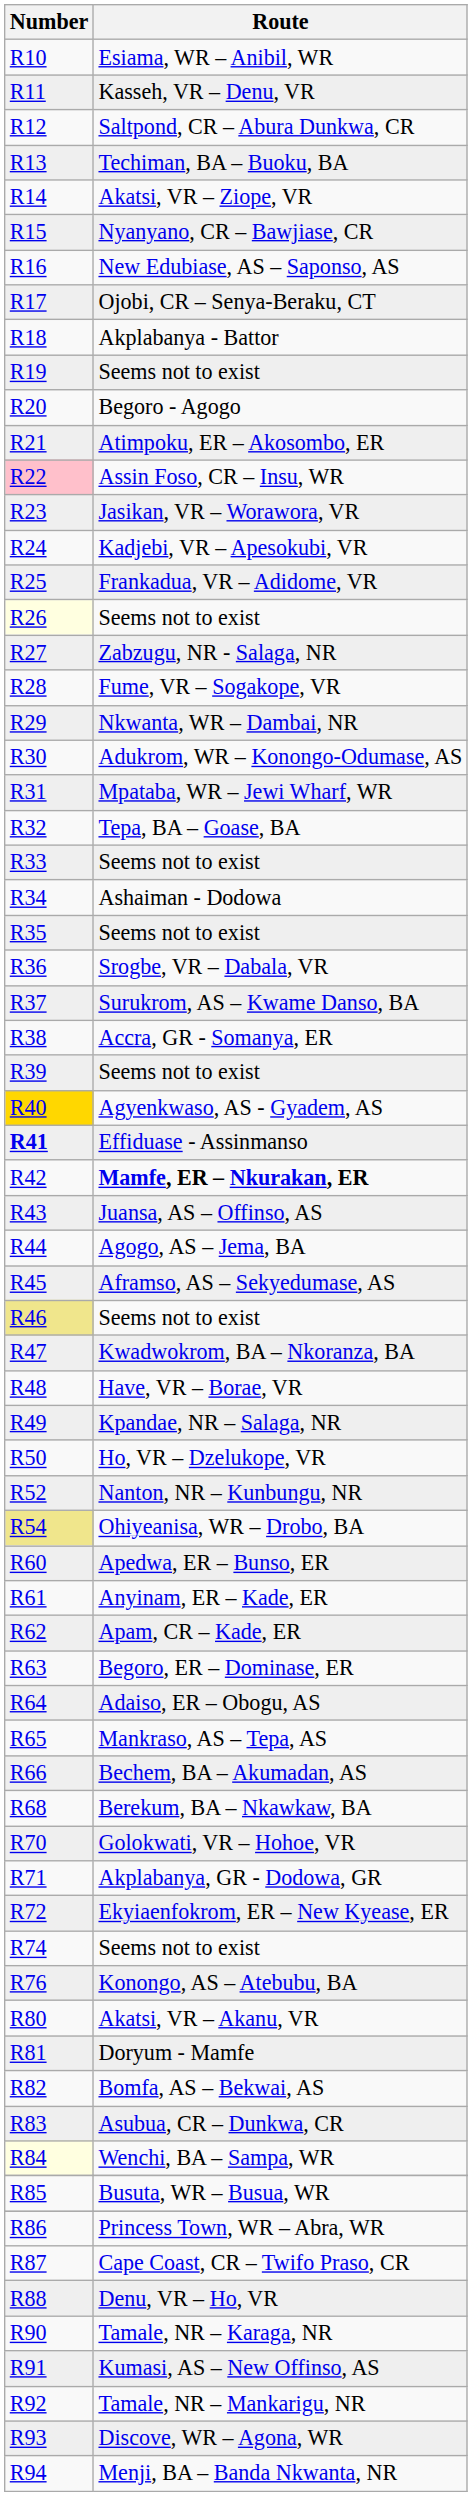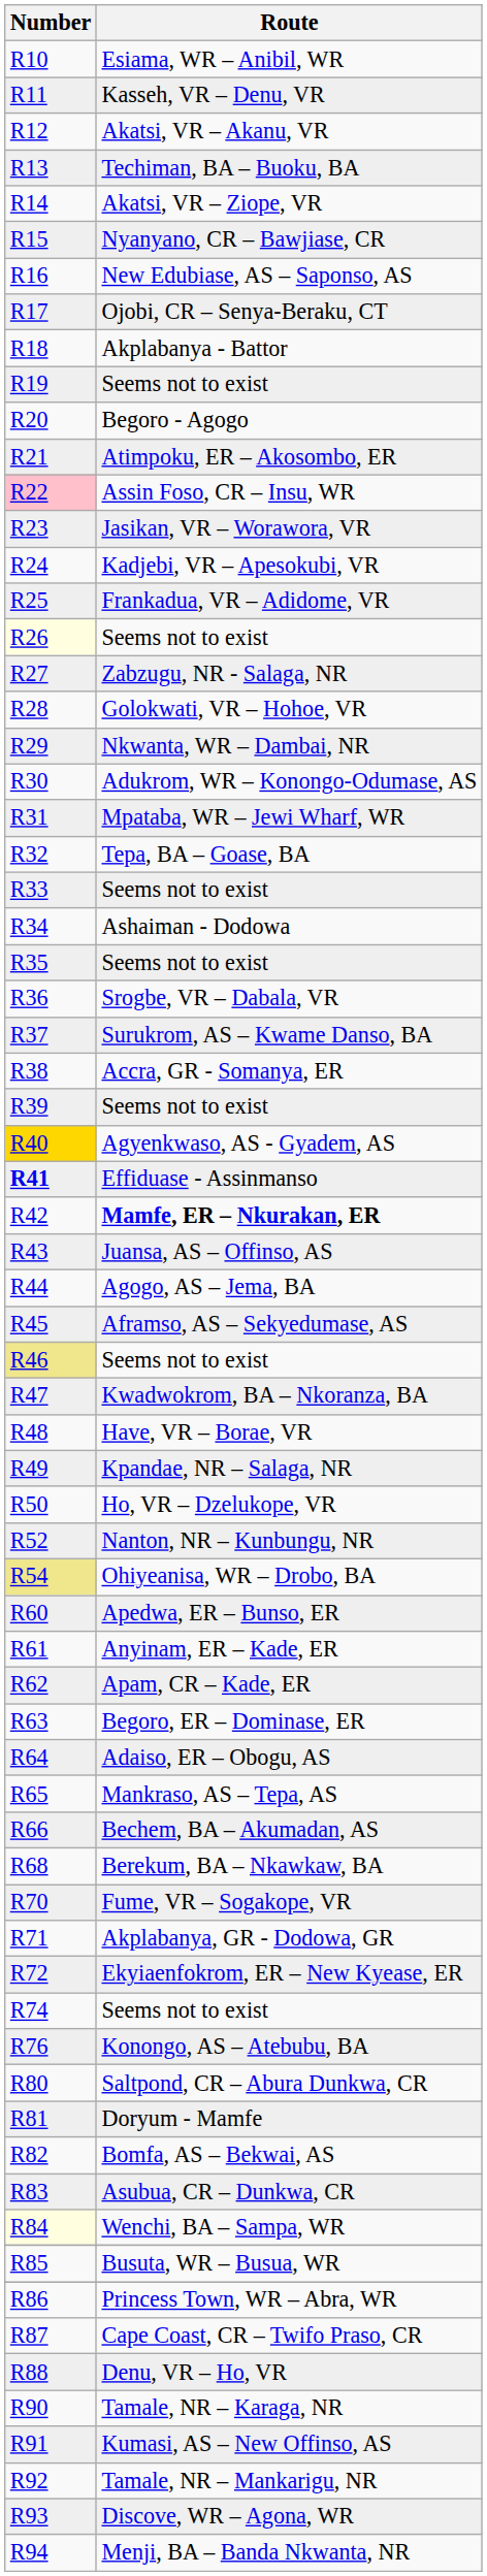 <table class="wikitable">
 <tr>
 <th>Number</th>
 <th>Route</th>
 </tr>
 <tr>
 <td><a href='#'>R10</a></td>
 <td><a href='#'>Esiama</a>, WR – <a href='#'>Anibil</a>, WR</td>
 </tr>
 <tr style="background:#EFEFEF">
 <td><a href='#'>R11</a></td>
 <td>Kasseh, VR – <a href='#'>Denu</a>, VR</td>
 </tr>
 <tr>
 <td><a href='#'>R12</a></td>
-<td><a href='#'>Saltpond</a>, CR – <a href='#'>Abura Dunkwa</a>, CR</td>
+<td><a href='#'>Akatsi</a>, VR – <a href='#'>Akanu</a>, VR</td>
 </tr>
 <tr style="background:#EFEFEF">
 <td><a href='#'>R13</a></td>
 <td><a href='#'>Techiman</a>, BA – <a href='#'>Buoku</a>, BA</td>
 </tr>
 <tr>
 <td><a href='#'>R14</a></td>
 <td><a href='#'>Akatsi</a>, VR – <a href='#'>Ziope</a>, VR</td>
 </tr>
 <tr style="background:#EFEFEF">
 <td><a href='#'>R15</a></td>
 <td><a href='#'>Nyanyano</a>, CR – <a href='#'>Bawjiase</a>, CR</td>
 </tr>
 <tr>
 <td><a href='#'>R16</a></td>
 <td><a href='#'>New Edubiase</a>, AS – <a href='#'>Saponso</a>, AS</td>
 </tr>
 <tr style="background:#EFEFEF">
 <td><a href='#'>R17</a></td>
 <td>Ojobi, CR – Senya-Beraku, CT</td>
 </tr>
 <tr>
 <td><a href='#'>R18</a></td>
 <td>Akplabanya - Battor</td>
 </tr>
 <tr style="background:#EFEFEF">
 <td><a href='#'>R19</a></td>
 <td>Seems not to exist</td>
 </tr>
 <tr>
 <td><a href='#'>R20</a></td>
 <td>Begoro - Agogo</td>
 </tr>
 <tr style="background:#EFEFEF">
 <td><a href='#'>R21</a></td>
 <td><a href='#'>Atimpoku</a>, ER – <a href='#'>Akosombo</a>, ER</td>
 </tr>
 <tr>
 <td style="background: pink;"><a href='#'>R22</a></td>
 <td><a href='#'>Assin Foso</a>, CR – <a href='#'>Insu</a>, WR</td>
 </tr>
 <tr style="background:#EFEFEF">
 <td><a href='#'>R23</a></td>
 <td><a href='#'>Jasikan</a>, VR – <a href='#'>Worawora</a>, VR</td>
 </tr>
 <tr>
 <td><a href='#'>R24</a></td>
 <td><a href='#'>Kadjebi</a>, VR – <a href='#'>Apesokubi</a>, VR</td>
 </tr>
 <tr style="background:#EFEFEF">
 <td><a href='#'>R25</a></td>
 <td><a href='#'>Frankadua</a>, VR – <a href='#'>Adidome</a>, VR</td>
 </tr>
 <tr>
 <td style="background: lightyellow;"><a href='#'>R26</a></td>
 <td>Seems not to exist</td>
 </tr>
 <tr style="background:#EFEFEF">
 <td><a href='#'>R27</a></td>
 <td><a href='#'>Zabzugu</a>, NR  - <a href='#'>Salaga</a>, NR</td>
 </tr>
 <tr>
 <td><a href='#'>R28</a></td>
-<td><a href='#'>Fume</a>, VR – <a href='#'>Sogakope</a>, VR</td>
+<td><a href='#'>Golokwati</a>, VR – <a href='#'>Hohoe</a>, VR</td>
 </tr>
 <tr style="background:#EFEFEF">
 <td><a href='#'>R29</a></td>
 <td><a href='#'>Nkwanta</a>, WR – <a href='#'>Dambai</a>, NR</td>
 </tr>
 <tr>
 <td><a href='#'>R30</a></td>
 <td><a href='#'>Adukrom</a>, WR – <a href='#'>Konongo-Odumase</a>, AS</td>
 </tr>
 <tr style="background:#EFEFEF">
 <td><a href='#'>R31</a></td>
 <td><a href='#'>Mpataba</a>, WR – <a href='#'>Jewi Wharf</a>, WR</td>
 </tr>
 <tr>
 <td><a href='#'>R32</a></td>
 <td><a href='#'>Tepa</a>, BA – <a href='#'>Goase</a>, BA</td>
 </tr>
 <tr style="background:#EFEFEF">
 <td><a href='#'>R33</a></td>
 <td>Seems not to exist</td>
 </tr>
 <tr>
 <td><a href='#'>R34</a></td>
 <td>Ashaiman - Dodowa</td>
 </tr>
 <tr style="background:#EFEFEF">
 <td><a href='#'>R35</a></td>
 <td>Seems not to exist</td>
 </tr>
 <tr>
 <td><a href='#'>R36</a></td>
 <td><a href='#'>Srogbe</a>, VR – <a href='#'>Dabala</a>, VR</td>
 </tr>
 <tr style="background:#EFEFEF">
 <td><a href='#'>R37</a></td>
 <td><a href='#'>Surukrom</a>, AS – <a href='#'>Kwame Danso</a>, BA</td>
 </tr>
 <tr>
 <td><a href='#'>R38</a></td>
 <td><a href='#'>Accra</a>, GR - <a href='#'>Somanya</a>, ER</td>
 </tr>
 <tr style="background:#EFEFEF">
 <td><a href='#'>R39</a></td>
 <td>Seems not to exist</td>
 </tr>
 <tr>
 <td style="background: gold;"><a href='#'>R40</a></td>
 <td><a href='#'>Agyenkwaso</a>, AS  - <a href='#'>Gyadem</a>, AS</td>
 </tr>
 <tr style="background:#EFEFEF">
 <td><strong><a href='#'>R41</a></strong></td>
 <td><a href='#'>Effiduase</a> - Assinmanso</td>
 </tr>
 <tr>
 <td><a href='#'>R42</a></td>
 <td><strong><a href='#'>Mamfe</a>, ER – <a href='#'>Nkurakan</a>, ER</strong></td>
 </tr>
 <tr style="background:#EFEFEF">
 <td><a href='#'>R43</a></td>
 <td><a href='#'>Juansa</a>, AS – <a href='#'>Offinso</a>, AS</td>
 </tr>
 <tr>
 <td><a href='#'>R44</a></td>
 <td><a href='#'>Agogo</a>, AS – <a href='#'>Jema</a>, BA</td>
 </tr>
 <tr style="background:#EFEFEF">
 <td><a href='#'>R45</a></td>
 <td><a href='#'>Aframso</a>, AS – <a href='#'>Sekyedumase</a>, AS</td>
 </tr>
 <tr>
 <td style="background: khaki;"><a href='#'>R46</a></td>
 <td>Seems not to exist</td>
 </tr>
 <tr style="background:#EFEFEF">
 <td><a href='#'>R47</a></td>
 <td><a href='#'>Kwadwokrom</a>, BA – <a href='#'>Nkoranza</a>, BA</td>
 </tr>
 <tr>
 <td><a href='#'>R48</a></td>
 <td><a href='#'>Have</a>, VR – <a href='#'>Borae</a>, VR</td>
 </tr>
 <tr style="background:#EFEFEF">
 <td><a href='#'>R49</a></td>
 <td><a href='#'>Kpandae</a>, NR – <a href='#'>Salaga</a>, NR</td>
 </tr>
 <tr>
 <td><a href='#'>R50</a></td>
 <td><a href='#'>Ho</a>, VR – <a href='#'>Dzelukope</a>, VR</td>
 </tr>
 <tr style="background:#EFEFEF">
 <td><a href='#'>R52</a></td>
 <td><a href='#'>Nanton</a>, NR – <a href='#'>Kunbungu</a>, NR</td>
 </tr>
 <tr>
 <td style="background: khaki;"><a href='#'>R54</a></td>
 <td><a href='#'>Ohiyeanisa</a>, WR – <a href='#'>Drobo</a>, BA</td>
 </tr>
 <tr style="background:#EFEFEF">
 <td><a href='#'>R60</a></td>
 <td><a href='#'>Apedwa</a>, ER – <a href='#'>Bunso</a>, ER</td>
 </tr>
 <tr>
 <td><a href='#'>R61</a></td>
 <td><a href='#'>Anyinam</a>, ER – <a href='#'>Kade</a>, ER</td>
 </tr>
 <tr style="background:#EFEFEF">
 <td><a href='#'>R62</a></td>
 <td><a href='#'>Apam</a>, CR – <a href='#'>Kade</a>, ER</td>
 </tr>
 <tr>
 <td><a href='#'>R63</a></td>
 <td><a href='#'>Begoro</a>, ER – <a href='#'>Dominase</a>, ER</td>
 </tr>
 <tr style="background:#EFEFEF">
 <td><a href='#'>R64</a></td>
 <td><a href='#'>Adaiso</a>, ER – Obogu, AS</td>
 </tr>
 <tr>
 <td><a href='#'>R65</a></td>
 <td><a href='#'>Mankraso</a>, AS – <a href='#'>Tepa</a>, AS</td>
 </tr>
 <tr style="background:#EFEFEF">
 <td><a href='#'>R66</a></td>
 <td><a href='#'>Bechem</a>, BA – <a href='#'>Akumadan</a>, AS</td>
 </tr>
 <tr>
 <td><a href='#'>R68</a></td>
 <td><a href='#'>Berekum</a>, BA – <a href='#'>Nkawkaw</a>, BA</td>
 </tr>
 <tr style="background:#EFEFEF">
 <td><a href='#'>R70</a></td>
-<td><a href='#'>Golokwati</a>, VR – <a href='#'>Hohoe</a>, VR</td>
+<td><a href='#'>Fume</a>, VR – <a href='#'>Sogakope</a>, VR</td>
 </tr>
 <tr>
 <td><a href='#'>R71</a></td>
 <td><a href='#'>Akplabanya</a>, GR - <a href='#'>Dodowa</a>, GR</td>
 </tr>
 <tr style="background:#EFEFEF">
 <td><a href='#'>R72</a></td>
 <td><a href='#'>Ekyiaenfokrom</a>, ER – <a href='#'>New Kyease</a>, ER</td>
 </tr>
 <tr>
 <td><a href='#'>R74</a></td>
 <td>Seems not to exist</td>
 </tr>
 <tr style="background:#EFEFEF">
 <td><a href='#'>R76</a></td>
 <td><a href='#'>Konongo</a>, AS – <a href='#'>Atebubu</a>, BA</td>
 </tr>
 <tr>
 <td><a href='#'>R80</a></td>
-<td><a href='#'>Akatsi</a>, VR – <a href='#'>Akanu</a>, VR</td>
+<td><a href='#'>Saltpond</a>, CR – <a href='#'>Abura Dunkwa</a>, CR</td>
 </tr>
 <tr style="background:#EFEFEF">
 <td><a href='#'>R81</a></td>
 <td>Doryum - Mamfe</td>
 </tr>
 <tr>
 <td><a href='#'>R82</a></td>
 <td><a href='#'>Bomfa</a>, AS – <a href='#'>Bekwai</a>, AS</td>
 </tr>
 <tr style="background:#EFEFEF">
 <td><a href='#'>R83</a></td>
 <td><a href='#'>Asubua</a>, CR – <a href='#'>Dunkwa</a>, CR</td>
 </tr>
 <tr>
 <td style="background: lightyellow;"><a href='#'>R84</a></td>
 <td><a href='#'>Wenchi</a>, BA – <a href='#'>Sampa</a>, WR</td>
 </tr>
 <tr style="background:#EFEFEF">
 </tr>
 <tr>
 <td><a href='#'>R85</a></td>
 <td><a href='#'>Busuta</a>, WR – <a href='#'>Busua</a>, WR</td>
 </tr>
 <tr style="background:#EFEFEF">
 </tr>
 <tr>
 <td><a href='#'>R86</a></td>
 <td><a href='#'>Princess Town</a>, WR – Abra, WR</td>
 </tr>
 <tr>
 <td><a href='#'>R87</a></td>
 <td><a href='#'>Cape Coast</a>, CR – <a href='#'>Twifo Praso</a>, CR</td>
 </tr>
 <tr style="background:#EFEFEF">
 <td><a href='#'>R88</a></td>
 <td><a href='#'>Denu</a>, VR – <a href='#'>Ho</a>, VR</td>
 </tr>
 <tr>
 <td><a href='#'>R90</a></td>
 <td><a href='#'>Tamale</a>, NR – <a href='#'>Karaga</a>, NR</td>
 </tr>
 <tr style="background:#EFEFEF">
 <td><a href='#'>R91</a></td>
 <td><a href='#'>Kumasi</a>, AS – <a href='#'>New Offinso</a>, AS</td>
 </tr>
 <tr>
 <td><a href='#'>R92</a></td>
 <td><a href='#'>Tamale</a>, NR – <a href='#'>Mankarigu</a>, NR</td>
 </tr>
 <tr style="background:#EFEFEF">
 <td><a href='#'>R93</a></td>
 <td><a href='#'>Discove</a>, WR – <a href='#'>Agona</a>, WR</td>
 </tr>
 <tr>
 <td><a href='#'>R94</a></td>
 <td><a href='#'>Menji</a>, BA – <a href='#'>Banda Nkwanta</a>, NR</td>
 </tr>
 </table>
